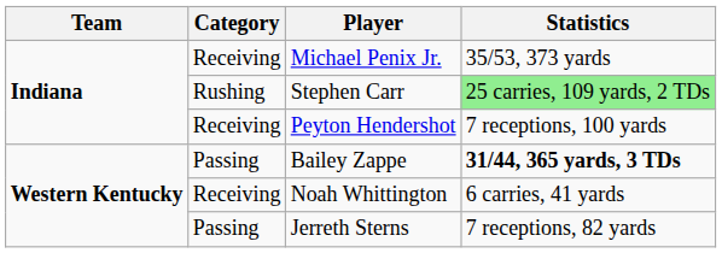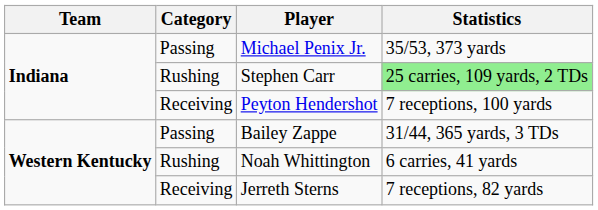 <table class="wikitable" style="float: left;">
 <tr>
 <th>Team</th>
 <th>Category</th>
 <th>Player</th>
 <th>Statistics</th>
 </tr>
 <tr>
 <td rowspan=3><strong>Indiana</strong></td>
-<td>Receiving</td>
+<td>Passing</td>
 <td><a href='#'>Michael Penix Jr.</a></td>
 <td>35/53, 373 yards</td>
 </tr>
 <tr>
 <td>Rushing</td>
 <td>Stephen Carr</td>
 <td style="background: lightgreen;">25 carries, 109 yards, 2 TDs</td>
 </tr>
 <tr>
 <td>Receiving</td>
 <td><a href='#'>Peyton Hendershot</a></td>
 <td>7 receptions, 100 yards</td>
 </tr>
 <tr>
 <td rowspan=3><strong>Western Kentucky</strong></td>
 <td>Passing</td>
 <td>Bailey Zappe</td>
-<td><strong>31/44, 365 yards, 3 TDs</strong></td>
+<td>31/44, 365 yards, 3 TDs</td>
 </tr>
 <tr>
-<td>Receiving</td>
+<td>Rushing</td>
 <td>Noah Whittington</td>
 <td>6 carries, 41 yards</td>
 </tr>
 <tr>
-<td>Passing</td>
+<td>Receiving</td>
 <td>Jerreth Sterns</td>
 <td>7 receptions, 82 yards</td>
 </tr>
 </table>
